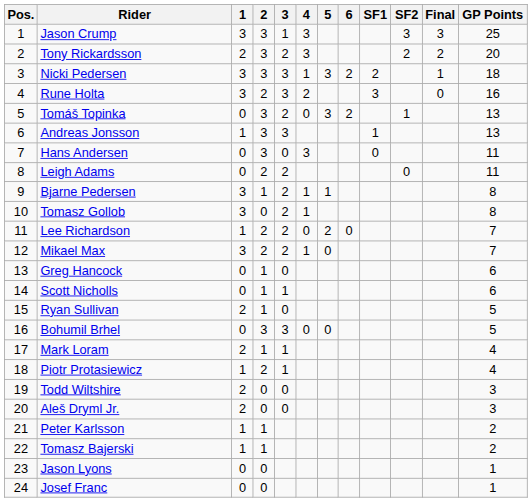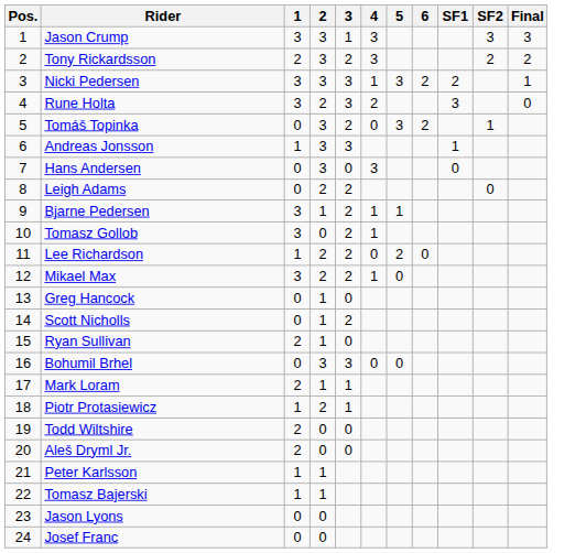 <table class=wikitable style="font-size:93%;">
 <tr>
 <th width=25px>Pos.</th>
 <th width=250px>Rider</th>
 <th width=20px>1</th>
 <th width=20px>2</th>
 <th width=20px>3</th>
 <th width=20px>4</th>
 <th width=20px>5</th>
 <th width=20px>6</th>
 <th width=30px>SF1</th>
 <th width=30px>SF2</th>
 <th width=30px>Final</th>
-<th width=80px>GP Points</th>
 </tr>
 <tr align=center style="background-color:">
 <td>1</td>
 <td align=left> <a href='#'>Jason Crump</a></td>
 <td>3</td>
 <td>3</td>
 <td>1</td>
 <td>3</td>
 <td></td>
 <td></td>
 <td></td>
 <td>3</td>
 <td>3</td>
-<td>25</td>
 </tr>
 <tr align=center style="background-color:">
 <td>2</td>
 <td align=left> <a href='#'>Tony Rickardsson</a></td>
 <td>2</td>
 <td>3</td>
 <td>2</td>
 <td>3</td>
 <td></td>
 <td></td>
 <td></td>
 <td>2</td>
 <td>2</td>
-<td>20</td>
 </tr>
 <tr align=center style="background-color:">
 <td>3</td>
 <td align=left> <a href='#'>Nicki Pedersen</a></td>
 <td>3</td>
 <td>3</td>
 <td>3</td>
 <td>1</td>
 <td>3</td>
 <td>2</td>
 <td>2</td>
 <td></td>
 <td>1</td>
-<td>18</td>
 </tr>
 <tr align=center>
 <td>4</td>
 <td align=left> <a href='#'>Rune Holta</a></td>
 <td>3</td>
 <td>2</td>
 <td>3</td>
 <td>2</td>
 <td></td>
 <td></td>
 <td>3</td>
 <td></td>
 <td>0</td>
-<td>16</td>
 </tr>
 <tr align=center>
 <td>5</td>
 <td align=left> <a href='#'>Tomáš Topinka</a></td>
 <td>0</td>
 <td>3</td>
 <td>2</td>
 <td>0</td>
 <td>3</td>
 <td>2</td>
 <td></td>
 <td>1</td>
 <td></td>
-<td>13</td>
 </tr>
 <tr align=center>
 <td>6</td>
 <td align=left> <a href='#'>Andreas Jonsson</a></td>
 <td>1</td>
 <td>3</td>
 <td>3</td>
 <td></td>
 <td></td>
 <td></td>
 <td>1</td>
 <td></td>
 <td></td>
-<td>13</td>
 </tr>
 <tr align=center>
 <td>7</td>
 <td align=left> <a href='#'>Hans Andersen</a></td>
 <td>0</td>
 <td>3</td>
 <td>0</td>
 <td>3</td>
 <td></td>
 <td></td>
 <td>0</td>
 <td></td>
 <td></td>
-<td>11</td>
 </tr>
 <tr align=center>
 <td>8</td>
 <td align=left> <a href='#'>Leigh Adams</a></td>
 <td>0</td>
 <td>2</td>
 <td>2</td>
 <td></td>
 <td></td>
 <td></td>
 <td></td>
 <td>0</td>
 <td></td>
-<td>11</td>
 </tr>
 <tr align=center>
 <td>9</td>
 <td align=left> <a href='#'>Bjarne Pedersen</a></td>
 <td>3</td>
 <td>1</td>
 <td>2</td>
 <td>1</td>
 <td>1</td>
 <td></td>
 <td></td>
 <td></td>
 <td></td>
-<td>8</td>
 </tr>
 <tr align=center>
 <td>10</td>
 <td align=left> <a href='#'>Tomasz Gollob</a></td>
 <td>3</td>
 <td>0</td>
 <td>2</td>
 <td>1</td>
 <td></td>
 <td></td>
 <td></td>
 <td></td>
 <td></td>
-<td>8</td>
 </tr>
 <tr align=center>
 <td>11</td>
 <td align=left> <a href='#'>Lee Richardson</a></td>
 <td>1</td>
 <td>2</td>
 <td>2</td>
 <td>0</td>
 <td>2</td>
 <td>0</td>
 <td></td>
 <td></td>
 <td></td>
-<td>7</td>
 </tr>
 <tr align=center>
 <td>12</td>
 <td align=left> <a href='#'>Mikael Max</a></td>
 <td>3</td>
 <td>2</td>
 <td>2</td>
 <td>1</td>
 <td>0</td>
 <td></td>
 <td></td>
 <td></td>
 <td></td>
-<td>7</td>
 </tr>
 <tr align=center>
 <td>13</td>
 <td align=left> <a href='#'>Greg Hancock</a></td>
 <td>0</td>
 <td>1</td>
 <td>0</td>
 <td></td>
 <td></td>
 <td></td>
 <td></td>
 <td></td>
 <td></td>
-<td>6</td>
 </tr>
 <tr align=center>
 <td>14</td>
 <td align=left> <a href='#'>Scott Nicholls</a></td>
 <td>0</td>
 <td>1</td>
-<td>1</td>
+<td>2</td>
 <td></td>
 <td></td>
 <td></td>
 <td></td>
 <td></td>
 <td></td>
-<td>6</td>
 </tr>
 <tr align=center>
 <td>15</td>
 <td align=left> <a href='#'>Ryan Sullivan</a></td>
 <td>2</td>
 <td>1</td>
 <td>0</td>
 <td></td>
 <td></td>
 <td></td>
 <td></td>
 <td></td>
 <td></td>
-<td>5</td>
 </tr>
 <tr align=center>
 <td>16</td>
 <td align=left> <a href='#'>Bohumil Brhel</a></td>
 <td>0</td>
 <td>3</td>
 <td>3</td>
 <td>0</td>
 <td>0</td>
 <td></td>
 <td></td>
 <td></td>
 <td></td>
-<td>5</td>
 </tr>
 <tr align=center>
 <td>17</td>
 <td align=left> <a href='#'>Mark Loram</a></td>
 <td>2</td>
 <td>1</td>
 <td>1</td>
 <td></td>
 <td></td>
 <td></td>
 <td></td>
 <td></td>
 <td></td>
-<td>4</td>
 </tr>
 <tr align=center>
 <td>18</td>
 <td align=left> <a href='#'>Piotr Protasiewicz</a></td>
 <td>1</td>
 <td>2</td>
 <td>1</td>
 <td></td>
 <td></td>
 <td></td>
 <td></td>
 <td></td>
 <td></td>
-<td>4</td>
 </tr>
 <tr align=center>
 <td>19</td>
 <td align=left> <a href='#'>Todd Wiltshire</a></td>
 <td>2</td>
 <td>0</td>
 <td>0</td>
 <td></td>
 <td></td>
 <td></td>
 <td></td>
 <td></td>
 <td></td>
-<td>3</td>
 </tr>
 <tr align=center>
 <td>20</td>
 <td align=left> <a href='#'>Aleš Dryml Jr.</a></td>
 <td>2</td>
 <td>0</td>
 <td>0</td>
 <td></td>
 <td></td>
 <td></td>
 <td></td>
 <td></td>
 <td></td>
-<td>3</td>
 </tr>
 <tr align=center>
 <td>21</td>
 <td align=left> <a href='#'>Peter Karlsson</a></td>
 <td>1</td>
 <td>1</td>
 <td></td>
 <td></td>
 <td></td>
 <td></td>
 <td></td>
 <td></td>
 <td></td>
-<td>2</td>
 </tr>
 <tr align=center>
 <td>22</td>
 <td align=left> <a href='#'>Tomasz Bajerski</a></td>
 <td>1</td>
 <td>1</td>
 <td></td>
 <td></td>
 <td></td>
 <td></td>
 <td></td>
 <td></td>
 <td></td>
-<td>2</td>
 </tr>
 <tr align=center>
 <td>23</td>
 <td align=left> <a href='#'>Jason Lyons</a></td>
 <td>0</td>
 <td>0</td>
 <td></td>
 <td></td>
 <td></td>
 <td></td>
 <td></td>
 <td></td>
 <td></td>
-<td>1</td>
 </tr>
 <tr align=center>
 <td>24</td>
 <td align=left> <a href='#'>Josef Franc</a></td>
 <td>0</td>
 <td>0</td>
 <td></td>
 <td></td>
 <td></td>
 <td></td>
 <td></td>
 <td></td>
 <td></td>
-<td>1</td>
 </tr>
 </table>
